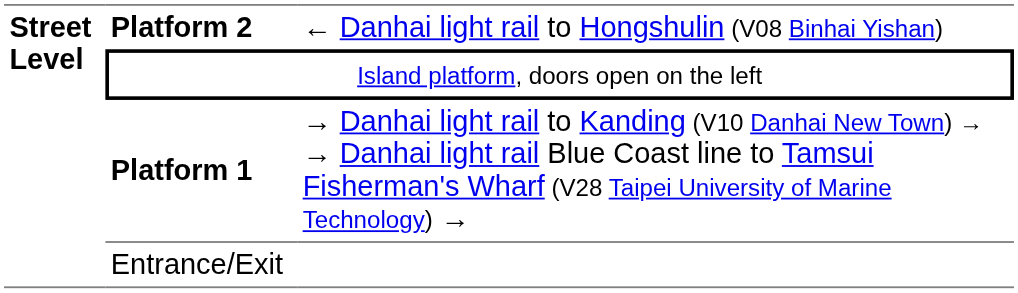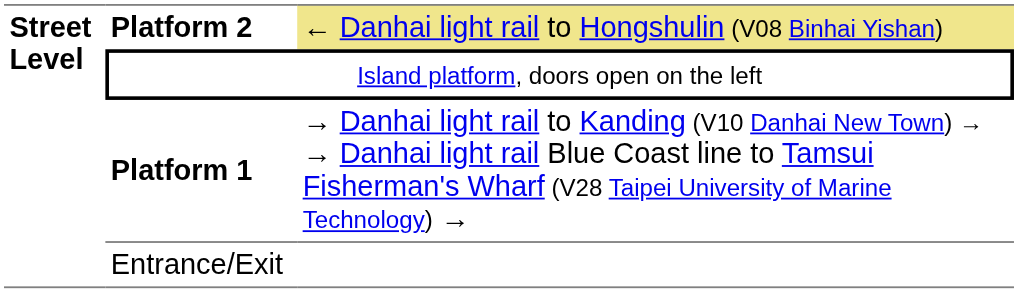 <table table border=0 cellspacing=0 cellpadding=3>
 <tr>
 <td style="border-top:solid 1px gray;border-bottom:solid 1px gray;" width=50 rowspan=10 valign=top><strong>Street Level</strong></td>
 </tr>
 <tr>
 <td style="border-bottom:solid 0px gray;border-top:solid 1px gray;" width=100><strong>Platform 2</strong></td>
-<td style="border-bottom:solid 0px gray;border-top:solid 1px gray;" width=390>←  <a href='#'>Danhai light rail</a> to <a href='#'>Hongshulin</a><small> (V08 <a href='#'>Binhai Yishan</a>)</small></td>
+<td style="background: khaki; border-bottom:solid 0px gray;border-top:solid 1px gray;" width=390>←  <a href='#'>Danhai light rail</a> to <a href='#'>Hongshulin</a><small> (V08 <a href='#'>Binhai Yishan</a>)</small></td>
 </tr>
 <tr>
 <td style="border-top:solid 2px black;border-right:solid 2px black;border-left:solid 2px black;border-bottom:solid 2px black;text-align:center;" colspan=2><small><a href='#'>Island platform</a>, doors open on the left</small></td>
 </tr>
 <tr>
 <td style="border-bottom:solid 1px gray;"><strong>Platform 1</strong></td>
 <td style="border-bottom:solid 1px gray;"><span>→</span>  <a href='#'>Danhai light rail</a> to <a href='#'>Kanding</a><small> (V10 <a href='#'>Danhai New Town</a>) →</small><br><span>→</span>  <a href='#'>Danhai light rail</a> Blue Coast line to <a href='#'>Tamsui Fisherman's Wharf</a><small> (V28 <a href='#'>Taipei University of Marine Technology</a>)</small> →</td>
 </tr>
 <tr>
 <td style="border-bottom:solid 1px gray;" width=100 rowspan=2 valign=top>Entrance/Exit</td>
 <td style="border-bottom:solid 1px gray;" width=390 rowspan=2 valign=top></td>
 </tr>
 </table>
